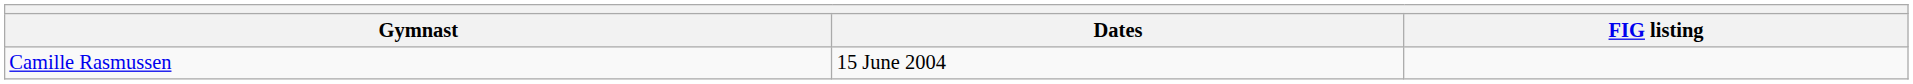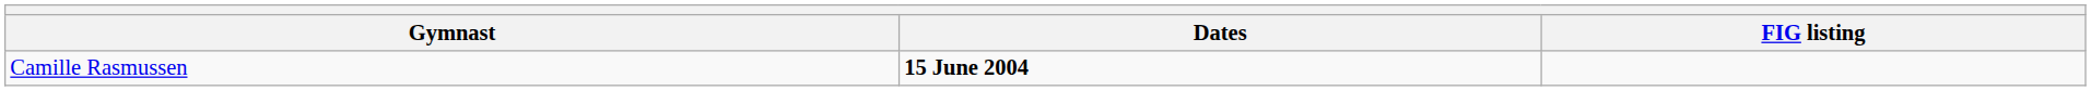 <table class="wikitable mw-collapsible mw-collapsed" width="75%">
 <tr>
 <th colspan="3"></th>
 </tr>
 <tr>
 <th>Gymnast</th>
 <th>Dates</th>
 <th><a href='#'>FIG</a> listing</th>
 </tr>
 <tr>
 <td><a href='#'>Camille Rasmussen</a></td>
-<td>15 June 2004</td>
+<td><strong>15 June 2004</strong></td>
 <td></td>
 </tr>
 </table>
